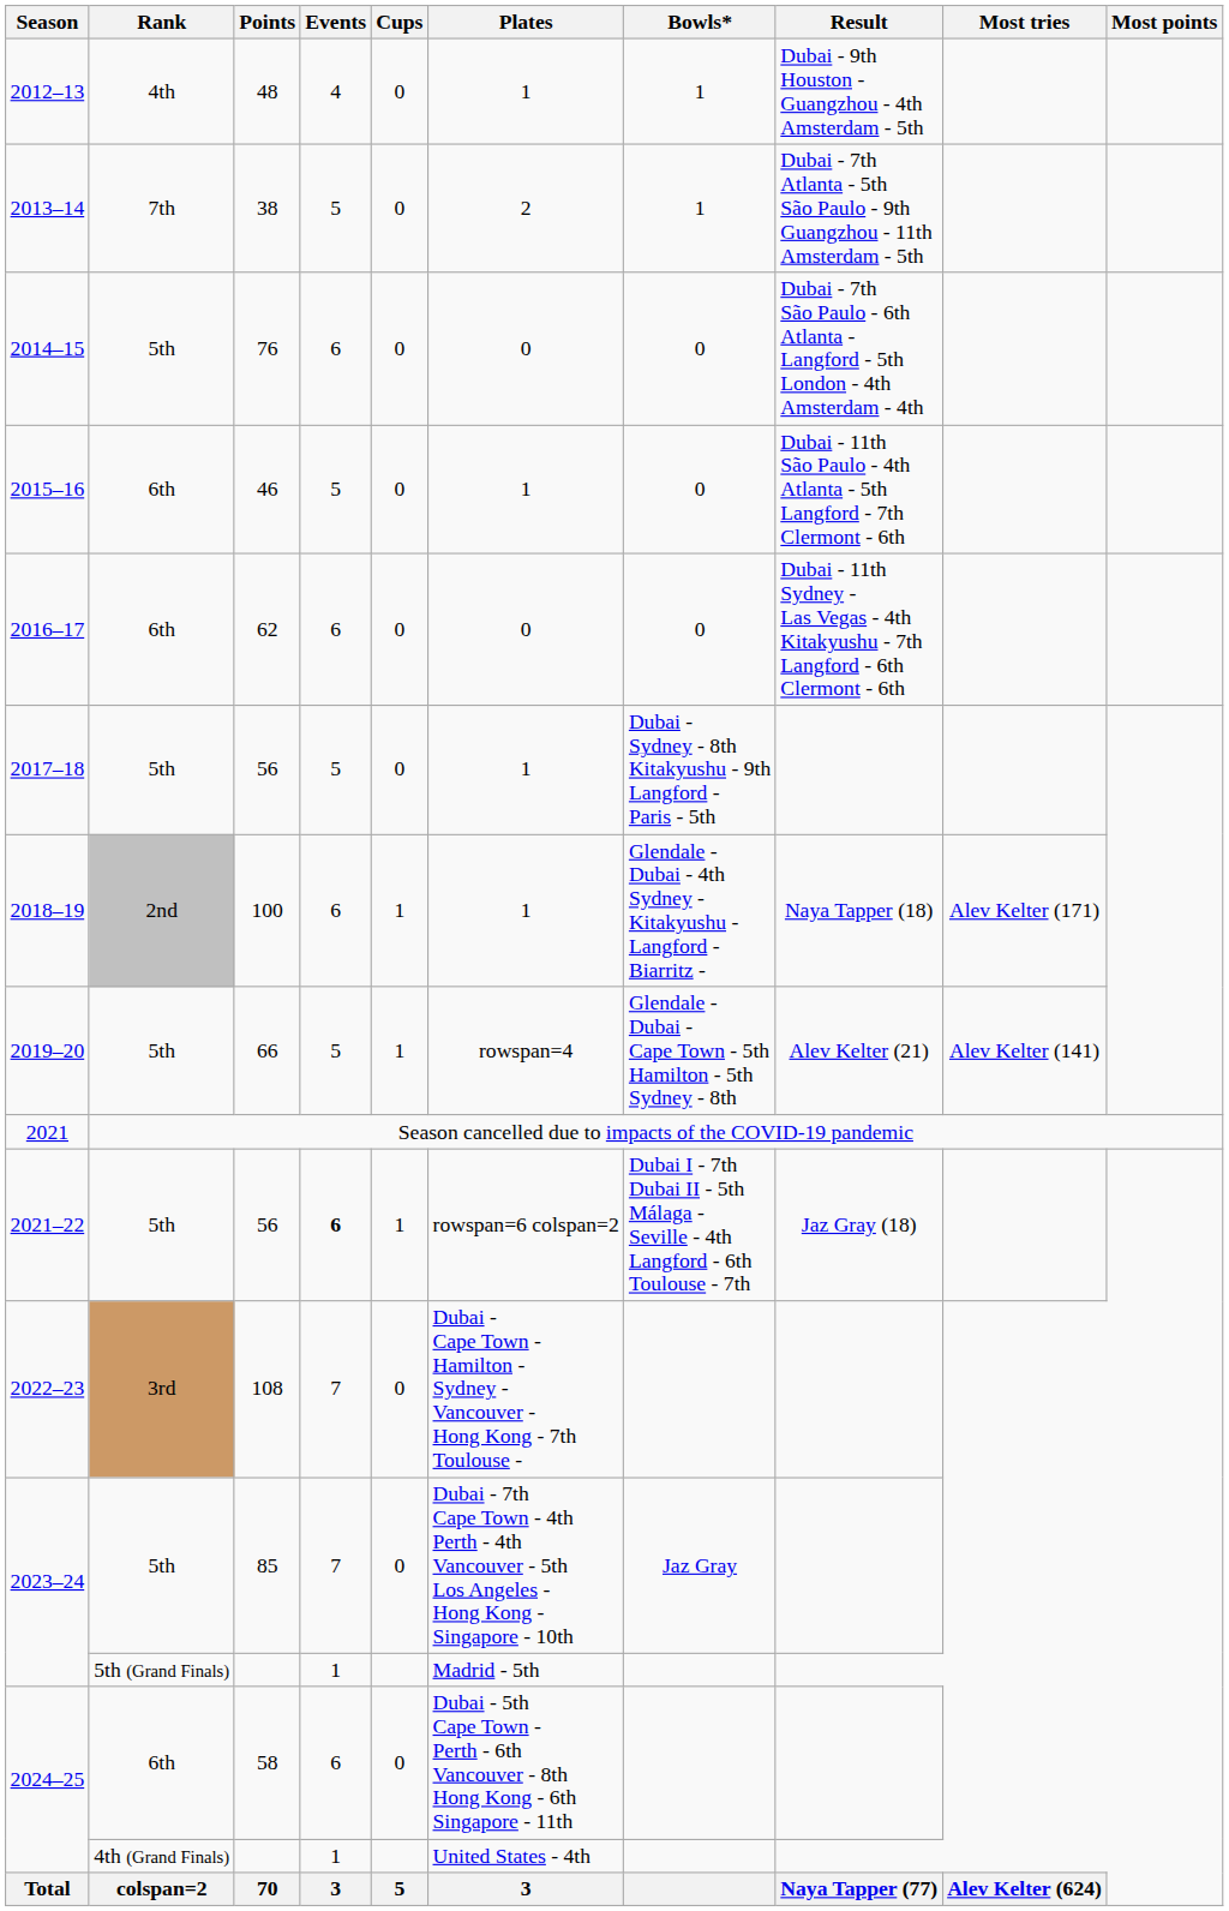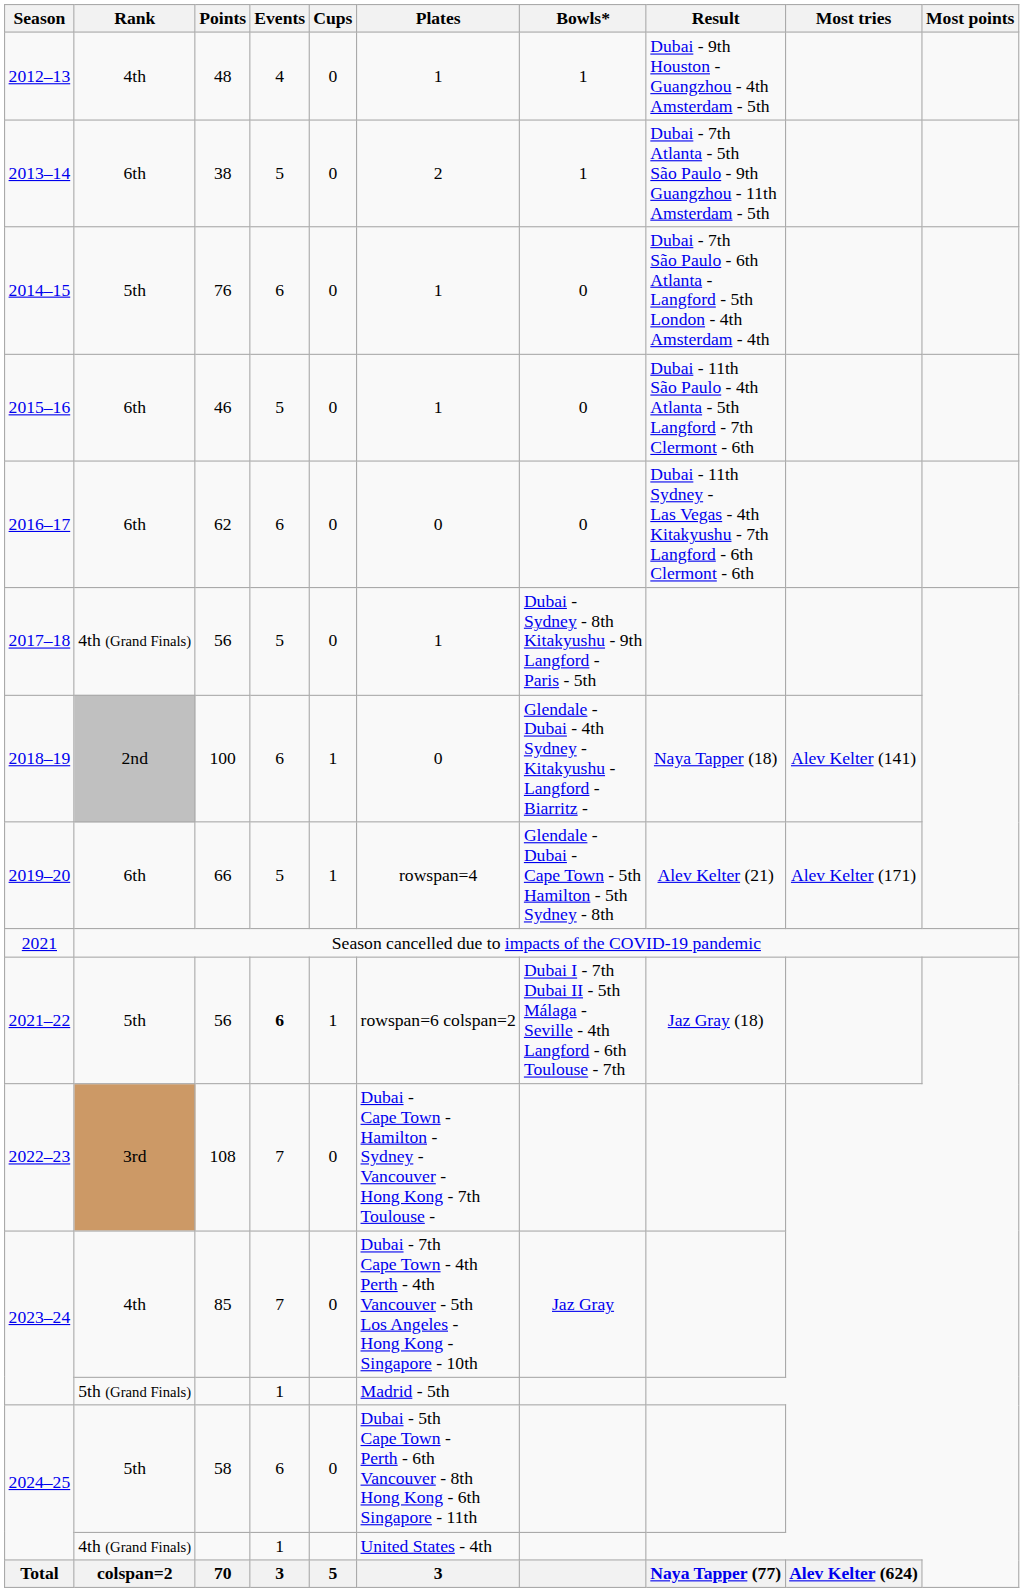 <table class="wikitable" style="text-align:center">
 <tr>
 <th>Season</th>
 <th>Rank</th>
 <th>Points</th>
 <th>Events</th>
 <th>Cups</th>
 <th>Plates</th>
 <th>Bowls*</th>
 <th>Result</th>
 <th>Most tries</th>
 <th>Most points</th>
 </tr>
 <tr>
 <td><a href='#'>2012–13</a></td>
 <td>4th</td>
 <td>48</td>
 <td>4</td>
 <td>0</td>
 <td>1</td>
 <td>1</td>
 <td align=left> <a href='#'>Dubai</a> - 9th<br> <a href='#'>Houston</a> - <br> <a href='#'>Guangzhou</a> - 4th<br> <a href='#'>Amsterdam</a> - 5th</td>
 <td></td>
 <td></td>
 </tr>
 <tr>
 <td><a href='#'>2013–14</a></td>
-<td>7th</td>
+<td>6th</td>
 <td>38</td>
 <td>5</td>
 <td>0</td>
 <td>2</td>
 <td>1</td>
 <td align=left> <a href='#'>Dubai</a> - 7th<br> <a href='#'>Atlanta</a> - 5th<br> <a href='#'>São Paulo</a> - 9th<br> <a href='#'>Guangzhou</a> - 11th<br> <a href='#'>Amsterdam</a> - 5th</td>
 <td></td>
 <td></td>
 </tr>
 <tr>
 <td><a href='#'>2014–15</a></td>
 <td>5th</td>
 <td>76</td>
 <td>6</td>
 <td>0</td>
-<td>0</td>
+<td>1</td>
 <td>0</td>
 <td align=left> <a href='#'>Dubai</a> - 7th<br> <a href='#'>São Paulo</a> - 6th<br> <a href='#'>Atlanta</a> - <br> <a href='#'>Langford</a> - 5th<br> <a href='#'>London</a> - 4th<br> <a href='#'>Amsterdam</a> - 4th</td>
 <td></td>
 <td></td>
 </tr>
 <tr>
 <td><a href='#'>2015–16</a></td>
 <td>6th</td>
 <td>46</td>
 <td>5</td>
 <td>0</td>
 <td>1</td>
 <td>0</td>
 <td align=left> <a href='#'>Dubai</a> - 11th<br> <a href='#'>São Paulo</a> - 4th<br> <a href='#'>Atlanta</a> - 5th<br> <a href='#'>Langford</a> - 7th<br> <a href='#'>Clermont</a> - 6th</td>
 <td></td>
 <td></td>
 </tr>
 <tr>
 <td><a href='#'>2016–17</a></td>
 <td>6th</td>
 <td>62</td>
 <td>6</td>
 <td>0</td>
 <td>0</td>
 <td>0</td>
 <td align=left> <a href='#'>Dubai</a> - 11th<br> <a href='#'>Sydney</a> - <br> <a href='#'>Las Vegas</a> - 4th<br> <a href='#'>Kitakyushu</a> - 7th<br> <a href='#'>Langford</a> - 6th<br> <a href='#'>Clermont</a> - 6th</td>
 <td></td>
 <td></td>
 </tr>
 <tr>
 <td><a href='#'>2017–18</a></td>
-<td>5th</td>
+<td>4th <small>(Grand Finals)</small></td>
 <td>56</td>
 <td>5</td>
 <td>0</td>
 <td>1</td>
 <td align=left> <a href='#'>Dubai</a> - <br> <a href='#'>Sydney</a> - 8th<br> <a href='#'>Kitakyushu</a> - 9th<br> <a href='#'>Langford</a> - <br> <a href='#'>Paris</a> - 5th</td>
 <td></td>
 <td></td>
 </tr>
 <tr>
 <td><a href='#'>2018–19</a></td>
 <td style="background:Silver;">2nd</td>
 <td>100</td>
 <td>6</td>
 <td>1</td>
-<td>1</td>
+<td>0</td>
 <td align=left> <a href='#'>Glendale</a> - <br> <a href='#'>Dubai</a> - 4th<br> <a href='#'>Sydney</a> - <br> <a href='#'>Kitakyushu</a> - <br> <a href='#'>Langford</a> - <br> <a href='#'>Biarritz</a> - </td>
 <td><a href='#'>Naya Tapper</a> (18)</td>
-<td><a href='#'>Alev Kelter</a> (171)</td>
+<td><a href='#'>Alev Kelter</a> (141)</td>
 </tr>
 <tr>
 <td><a href='#'>2019–20</a></td>
-<td>5th</td>
+<td>6th</td>
 <td>66</td>
 <td>5</td>
 <td>1</td>
 <td>rowspan=4 </td>
 <td align=left> <a href='#'>Glendale</a> - <br> <a href='#'>Dubai</a> - <br> <a href='#'>Cape Town</a> - 5th<br> <a href='#'>Hamilton</a> - 5th<br> <a href='#'>Sydney</a> - 8th</td>
 <td><a href='#'>Alev Kelter</a> (21)</td>
-<td><a href='#'>Alev Kelter</a> (141)</td>
+<td><a href='#'>Alev Kelter</a> (171)</td>
 </tr>
 <tr>
 <td><a href='#'>2021</a></td>
 <td colspan="9">Season cancelled due to <a href='#'>impacts of the COVID-19 pandemic</a></td>
 </tr>
 <tr>
 <td><a href='#'>2021–22</a></td>
 <td>5th</td>
 <td>56</td>
 <td><strong>6</strong></td>
 <td>1</td>
 <td>rowspan=6 colspan=2 </td>
 <td align=left> <a href='#'>Dubai I</a> - 7th<br> <a href='#'>Dubai II</a> - 5th<br> <a href='#'>Málaga</a> - <br> <a href='#'>Seville</a> - 4th<br> <a href='#'>Langford</a> - 6th<br> <a href='#'>Toulouse</a> - 7th</td>
 <td><a href='#'>Jaz Gray</a> (18)</td>
 <td></td>
 </tr>
 <tr>
 <td><a href='#'>2022–23</a></td>
 <td style="background:#cc9966">3rd</td>
 <td>108</td>
 <td>7</td>
 <td>0</td>
 <td align=left> <a href='#'>Dubai</a> - <br> <a href='#'>Cape Town</a> - <br> <a href='#'>Hamilton</a> - <br> <a href='#'>Sydney</a> - <br> <a href='#'>Vancouver</a> - <br> <a href='#'>Hong Kong</a> - 7th<br> <a href='#'>Toulouse</a> - </td>
 <td></td>
 <td></td>
 </tr>
 <tr>
 <td rowspan=2><a href='#'>2023–24</a></td>
-<td>5th</td>
+<td>4th</td>
 <td>85</td>
 <td>7</td>
 <td>0</td>
 <td align=left> <a href='#'>Dubai</a> - 7th<br> <a href='#'>Cape Town</a> - 4th<br> <a href='#'>Perth</a> - 4th<br> <a href='#'>Vancouver</a> - 5th<br> <a href='#'>Los Angeles</a> - <br> <a href='#'>Hong Kong</a> - <br> <a href='#'>Singapore</a> - 10th</td>
 <td><a href='#'>Jaz Gray</a></td>
 <td></td>
 </tr>
 <tr>
 <td>5th <small>(Grand Finals)</small></td>
 <td></td>
 <td>1</td>
 <td></td>
 <td align=left> <a href='#'>Madrid</a> - 5th</td>
 <td></td>
 </tr>
 <tr>
 <td rowspan=2><a href='#'>2024–25</a></td>
-<td>6th</td>
+<td>5th</td>
 <td>58</td>
 <td>6</td>
 <td>0</td>
 <td align=left> <a href='#'>Dubai</a> - 5th<br> <a href='#'>Cape Town</a> - <br> <a href='#'>Perth</a> - 6th<br> <a href='#'>Vancouver</a> - 8th<br> <a href='#'>Hong Kong</a> - 6th<br> <a href='#'>Singapore</a> - 11th</td>
 <td></td>
 <td></td>
 </tr>
 <tr>
 <td>4th <small>(Grand Finals)</small></td>
 <td></td>
 <td>1</td>
 <td></td>
 <td align=left> <a href='#'>United States</a> - 4th</td>
 <td></td>
 </tr>
 <tr>
 <th>Total</th>
 <th>colspan=2 </th>
 <th>70</th>
 <th>3</th>
 <th>5</th>
 <th>3</th>
 <th></th>
 <th><a href='#'>Naya Tapper</a> (77)</th>
 <th><a href='#'>Alev Kelter</a> (624)</th>
 </tr>
 </table>
